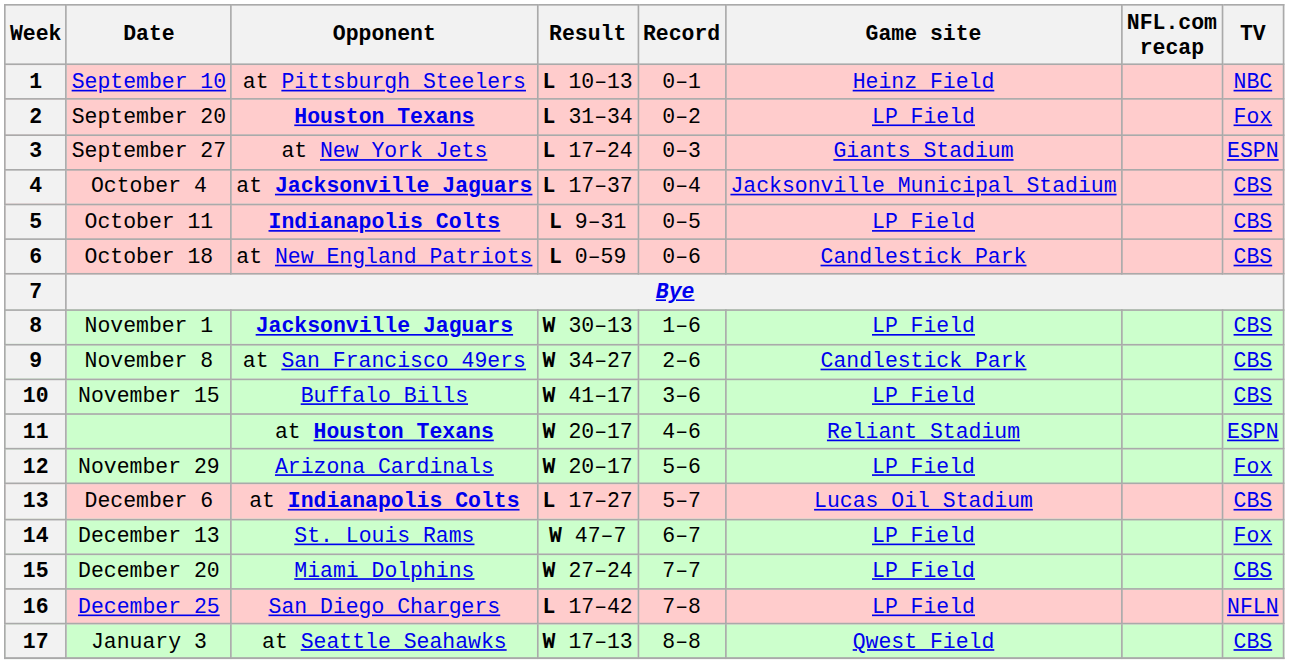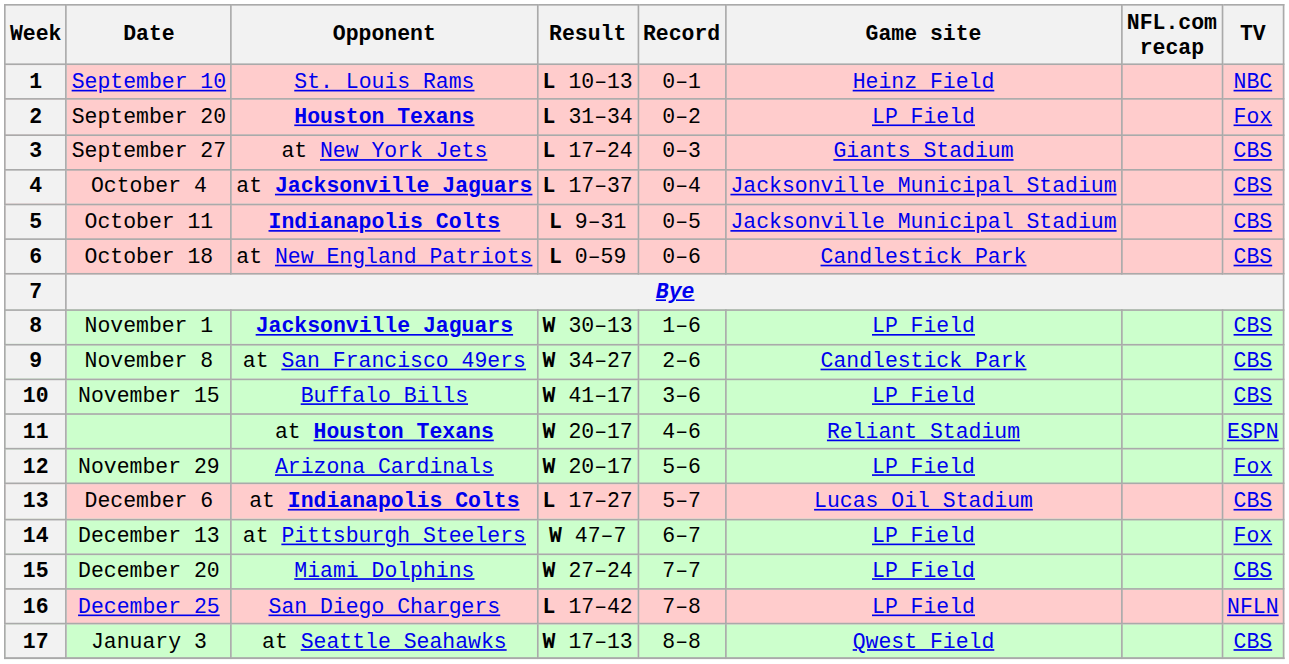 <table class="wikitable" style="text-align:center">
 <tr>
 <th>Week</th>
 <th>Date</th>
 <th>Opponent</th>
 <th>Result</th>
 <th>Record</th>
 <th>Game site</th>
 <th>NFL.com<br>recap</th>
 <th>TV</th>
 </tr>
 <tr style="background:#fcc;">
 <th>1</th>
 <td><a href='#'>September 10</a></td>
-<td>at <a href='#'>Pittsburgh Steelers</a></td>
+<td><a href='#'>St. Louis Rams</a></td>
 <td><strong>L</strong> 10–13 </td>
 <td>0–1</td>
 <td><a href='#'>Heinz Field</a></td>
 <td></td>
 <td><a href='#'>NBC</a></td>
 </tr>
 <tr style="background:#fcc;">
 <th>2</th>
 <td>September 20</td>
 <td><strong><a href='#'>Houston Texans</a></strong></td>
 <td><strong>L</strong> 31–34</td>
 <td>0–2</td>
 <td><a href='#'>LP Field</a></td>
 <td></td>
 <td><a href='#'>Fox</a></td>
 </tr>
 <tr style="background:#fcc;">
 <th>3</th>
 <td>September 27</td>
 <td>at <a href='#'>New York Jets</a></td>
 <td><strong>L</strong> 17–24</td>
 <td>0–3</td>
 <td><a href='#'>Giants Stadium</a></td>
 <td></td>
-<td><a href='#'>ESPN</a></td>
+<td><a href='#'>CBS</a></td>
 </tr>
 <tr style="background:#fcc;">
 <th>4</th>
 <td>October 4</td>
 <td>at <strong><a href='#'>Jacksonville Jaguars</a></strong></td>
 <td><strong>L</strong> 17–37</td>
 <td>0–4</td>
 <td><a href='#'>Jacksonville Municipal Stadium</a></td>
 <td></td>
 <td><a href='#'>CBS</a></td>
 </tr>
 <tr style="background:#fcc;">
 <th>5</th>
 <td>October 11</td>
 <td><strong><a href='#'>Indianapolis Colts</a></strong></td>
 <td><strong>L</strong> 9–31</td>
 <td>0–5</td>
-<td><a href='#'>LP Field</a></td>
+<td><a href='#'>Jacksonville Municipal Stadium</a></td>
 <td></td>
 <td><a href='#'>CBS</a></td>
 </tr>
 <tr style="background:#fcc;">
 <th>6</th>
 <td>October 18</td>
 <td>at <a href='#'>New England Patriots</a></td>
 <td><strong>L</strong> 0–59</td>
 <td>0–6</td>
 <td><a href='#'>Candlestick Park</a></td>
 <td></td>
 <td><a href='#'>CBS</a></td>
 </tr>
 <tr>
 <th>7</th>
 <th colspan="7"><em><a href='#'>Bye</a></em></th>
 </tr>
 <tr style="background:#cfc;">
 <th>8</th>
 <td>November 1</td>
 <td><strong><a href='#'>Jacksonville Jaguars</a></strong></td>
 <td><strong>W</strong> 30–13</td>
 <td>1–6</td>
 <td><a href='#'>LP Field</a></td>
 <td></td>
 <td><a href='#'>CBS</a></td>
 </tr>
 <tr style="background:#cfc;">
 <th>9</th>
 <td>November 8</td>
 <td>at <a href='#'>San Francisco 49ers</a></td>
 <td><strong>W</strong> 34–27</td>
 <td>2–6</td>
 <td><a href='#'>Candlestick Park</a></td>
 <td></td>
 <td><a href='#'>CBS</a></td>
 </tr>
 <tr style="background:#cfc;">
 <th>10</th>
 <td>November 15</td>
 <td><a href='#'>Buffalo Bills</a></td>
 <td><strong>W</strong> 41–17</td>
 <td>3–6</td>
 <td><a href='#'>LP Field</a></td>
 <td></td>
 <td><a href='#'>CBS</a></td>
 </tr>
 <tr style="background:#cfc;">
 <th>11</th>
 <td></td>
 <td>at <strong><a href='#'>Houston Texans</a></strong></td>
 <td><strong>W</strong> 20–17</td>
 <td>4–6</td>
 <td><a href='#'>Reliant Stadium</a></td>
 <td></td>
 <td><a href='#'>ESPN</a></td>
 </tr>
 <tr style="background:#cfc;">
 <th>12</th>
 <td>November 29</td>
 <td><a href='#'>Arizona Cardinals</a></td>
 <td><strong>W</strong> 20–17</td>
 <td>5–6</td>
 <td><a href='#'>LP Field</a></td>
 <td></td>
 <td><a href='#'>Fox</a></td>
 </tr>
 <tr style="background:#fcc;">
 <th>13</th>
 <td>December 6</td>
 <td>at <strong><a href='#'>Indianapolis Colts</a></strong></td>
 <td><strong>L</strong> 17–27</td>
 <td>5–7</td>
 <td><a href='#'>Lucas Oil Stadium</a></td>
 <td></td>
 <td><a href='#'>CBS</a></td>
 </tr>
 <tr style="background:#cfc;">
 <th>14</th>
 <td>December 13</td>
-<td><a href='#'>St. Louis Rams</a></td>
+<td>at <a href='#'>Pittsburgh Steelers</a></td>
 <td><strong>W</strong> 47–7</td>
 <td>6–7</td>
 <td><a href='#'>LP Field</a></td>
 <td></td>
 <td><a href='#'>Fox</a></td>
 </tr>
 <tr style="background:#cfc;">
 <th>15</th>
 <td>December 20</td>
 <td><a href='#'>Miami Dolphins</a></td>
 <td><strong>W</strong> 27–24 </td>
 <td>7–7</td>
 <td><a href='#'>LP Field</a></td>
 <td></td>
 <td><a href='#'>CBS</a></td>
 </tr>
 <tr style="background:#fcc;">
 <th>16</th>
 <td><a href='#'>December 25</a></td>
 <td><a href='#'>San Diego Chargers</a></td>
 <td><strong>L</strong> 17–42</td>
 <td>7–8</td>
 <td><a href='#'>LP Field</a></td>
 <td></td>
 <td><a href='#'>NFLN</a></td>
 </tr>
 <tr style="background:#cfc;">
 <th>17</th>
 <td>January 3</td>
 <td>at <a href='#'>Seattle Seahawks</a></td>
 <td><strong>W</strong> 17–13</td>
 <td>8–8</td>
 <td><a href='#'>Qwest Field</a></td>
 <td></td>
 <td><a href='#'>CBS</a></td>
 </tr>
 <tr>
 </tr>
 </table>
